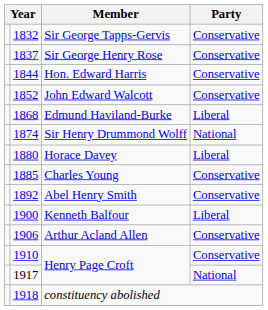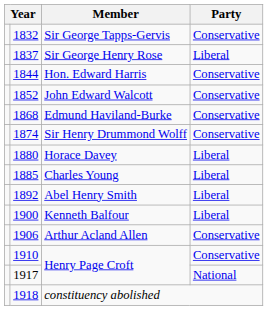 <table class="wikitable">
 <tr>
 <th colspan="2">Year</th>
 <th>Member</th>
 <th>Party</th>
 </tr>
 <tr>
 <td style="color:inherit;background-color: "></td>
 <td><a href='#'>1832</a></td>
 <td><a href='#'>Sir George Tapps-Gervis</a></td>
 <td><a href='#'>Conservative</a></td>
 </tr>
 <tr>
 <td style="color:inherit;background-color: "></td>
 <td><a href='#'>1837</a></td>
 <td><a href='#'>Sir George Henry Rose</a></td>
-<td><a href='#'>Conservative</a></td>
+<td><a href='#'>Liberal</a></td>
 </tr>
 <tr>
 <td style="color:inherit;background-color: "></td>
 <td><a href='#'>1844</a></td>
 <td><a href='#'>Hon. Edward Harris</a></td>
 <td><a href='#'>Conservative</a></td>
 </tr>
 <tr>
 <td style="color:inherit;background-color: "></td>
 <td><a href='#'>1852</a></td>
 <td><a href='#'>John Edward Walcott</a></td>
 <td><a href='#'>Conservative</a></td>
 </tr>
 <tr>
 <td style="color:inherit;background-color: "></td>
 <td><a href='#'>1868</a></td>
 <td><a href='#'>Edmund Haviland-Burke</a></td>
-<td><a href='#'>Liberal</a></td>
+<td><a href='#'>Conservative</a></td>
 </tr>
 <tr>
 <td style="color:inherit;background-color: "></td>
 <td><a href='#'>1874</a></td>
 <td><a href='#'>Sir Henry Drummond Wolff</a></td>
-<td><a href='#'>National</a></td>
+<td><a href='#'>Conservative</a></td>
 </tr>
 <tr>
 <td style="color:inherit;background-color: "></td>
 <td><a href='#'>1880</a></td>
 <td><a href='#'>Horace Davey</a></td>
 <td><a href='#'>Liberal</a></td>
 </tr>
 <tr>
 <td style="color:inherit;background-color: "></td>
 <td><a href='#'>1885</a></td>
 <td><a href='#'>Charles Young</a></td>
-<td><a href='#'>Conservative</a></td>
+<td><a href='#'>Liberal</a></td>
 </tr>
 <tr>
 <td style="color:inherit;background-color: "></td>
 <td><a href='#'>1892</a></td>
 <td><a href='#'>Abel Henry Smith</a></td>
-<td><a href='#'>Conservative</a></td>
+<td><a href='#'>Liberal</a></td>
 </tr>
 <tr>
 <td style="color:inherit;background-color: "></td>
 <td><a href='#'>1900</a></td>
 <td><a href='#'>Kenneth Balfour</a></td>
 <td><a href='#'>Liberal</a></td>
 </tr>
 <tr>
 <td style="color:inherit;background-color: "></td>
 <td><a href='#'>1906</a></td>
 <td><a href='#'>Arthur Acland Allen</a></td>
 <td><a href='#'>Conservative</a></td>
 </tr>
 <tr>
 <td style="color:inherit;background-color: "></td>
 <td><a href='#'>1910</a></td>
 <td rowspan="2"><a href='#'>Henry Page Croft</a></td>
 <td><a href='#'>Conservative</a></td>
 </tr>
 <tr>
 <td style="color:inherit;background-color: "></td>
 <td>1917</td>
 <td><a href='#'>National</a></td>
 </tr>
 <tr>
 <td></td>
 <td><a href='#'>1918</a></td>
 <td colspan="3"><em>constituency abolished</em></td>
 </tr>
 </table>
